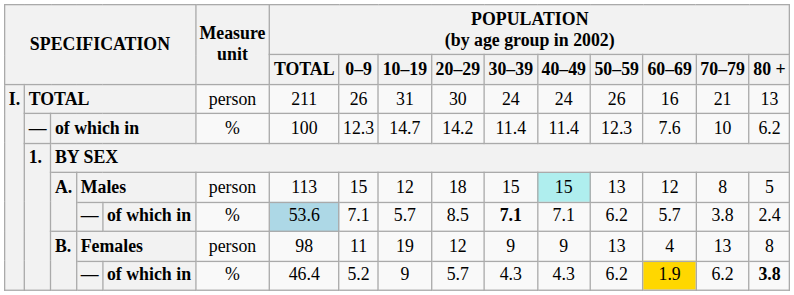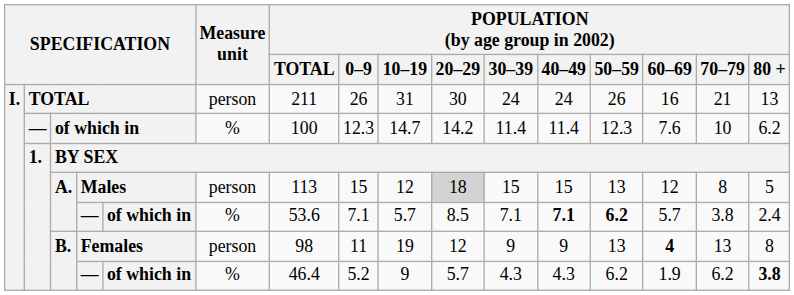 <table class="wikitable" style="font-size:85%; text-align:center">
 <tr>
 <th rowspan="2" colspan="5">SPECIFICATION</th>
 <th rowspan="2">Measure<br> unit</th>
 <th colspan="10" rowspan="1">POPULATION<br> (by age group in 2002)</th>
 </tr>
 <tr>
 <th>TOTAL</th>
 <th>0–9</th>
 <th>10–19</th>
 <th>20–29</th>
 <th>30–39</th>
 <th>40–49</th>
 <th>50–59</th>
 <th>60–69</th>
 <th>70–79</th>
 <th>80 +</th>
 </tr>
 <tr>
 <th style="text-align:left" valign="top" rowspan="7">I.</th>
 <th style="text-align:left" colspan="4">TOTAL</th>
 <td>person</td>
 <td>211</td>
 <td>26</td>
 <td>31</td>
 <td>30</td>
 <td>24</td>
 <td>24</td>
 <td>26</td>
 <td>16</td>
 <td>21</td>
 <td>13</td>
 </tr>
 <tr>
 <th style="text-align:left" valign="top">—</th>
 <th style="text-align:left" colspan="3">of which in</th>
 <td>%</td>
 <td>100</td>
 <td>12.3</td>
 <td>14.7</td>
 <td>14.2</td>
 <td>11.4</td>
 <td>11.4</td>
 <td>12.3</td>
 <td>7.6</td>
 <td>10</td>
 <td>6.2</td>
 </tr>
 <tr>
 <th style="text-align:left" valign="top" rowspan="5">1.</th>
 <th style="text-align:left" colspan="14">BY SEX</th>
 </tr>
 <tr>
 <th style="text-align:left" valign="top" rowspan="2">A.</th>
 <th style="text-align:left" colspan="2">Males</th>
 <td>person</td>
 <td>113</td>
 <td>15</td>
 <td>12</td>
-<td>18</td>
+<td style="background: lightgrey;">18</td>
 <td>15</td>
-<td style="background: paleturquoise;">15</td>
+<td>15</td>
 <td>13</td>
 <td>12</td>
 <td>8</td>
 <td>5</td>
 </tr>
 <tr>
 <th style="text-align:left" valign="top">—</th>
 <th style="text-align:left" colspan="1">of which in</th>
 <td>%</td>
-<td style="background: lightblue;">53.6</td>
+<td>53.6</td>
 <td>7.1</td>
 <td>5.7</td>
 <td>8.5</td>
+<td>7.1</td>
 <td><strong>7.1</strong></td>
-<td>7.1</td>
-<td>6.2</td>
+<td><strong>6.2</strong></td>
 <td>5.7</td>
 <td>3.8</td>
 <td>2.4</td>
 </tr>
 <tr>
 <th style="text-align:left" valign="top" rowspan="2">B.</th>
 <th style="text-align:left" colspan="2">Females</th>
 <td>person</td>
 <td>98</td>
 <td>11</td>
 <td>19</td>
 <td>12</td>
 <td>9</td>
 <td>9</td>
 <td>13</td>
-<td>4</td>
+<td><strong>4</strong></td>
 <td>13</td>
 <td>8</td>
 </tr>
 <tr>
 <th style="text-align:left" valign="top">—</th>
 <th style="text-align:left" colspan="1">of which in</th>
 <td>%</td>
 <td>46.4</td>
 <td>5.2</td>
 <td>9</td>
 <td>5.7</td>
 <td>4.3</td>
 <td>4.3</td>
 <td>6.2</td>
-<td style="background: gold;">1.9</td>
+<td>1.9</td>
 <td>6.2</td>
 <td><strong>3.8</strong></td>
 </tr>
 </table>
